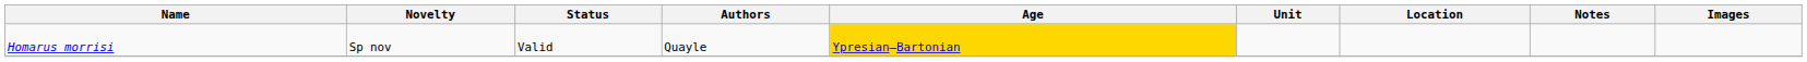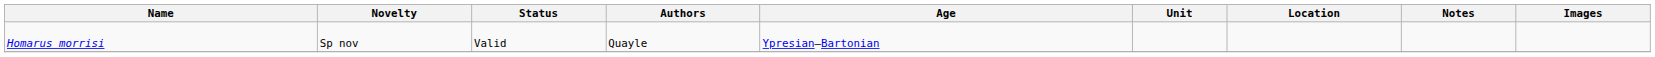 <table class="wikitable sortable" align="center" width="100%">
 <tr>
 <th>Name</th>
 <th>Novelty</th>
 <th>Status</th>
 <th>Authors</th>
 <th>Age</th>
 <th>Unit</th>
 <th>Location</th>
 <th>Notes</th>
 <th>Images</th>
 </tr>
 <tr>
 <td><br><em><a href='#'>Homarus morrisi</a></em></td>
 <td><br>Sp nov</td>
 <td><br>Valid</td>
 <td><br>Quayle</td>
-<td style="background: gold;"><br><a href='#'>Ypresian</a>–<a href='#'>Bartonian</a></td>
+<td><br><a href='#'>Ypresian</a>–<a href='#'>Bartonian</a></td>
 <td></td>
 <td><br></td>
 <td></td>
 <td></td>
 </tr>
 <tr>
 </tr>
 </table>
